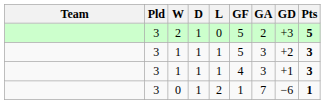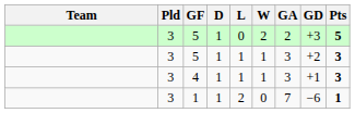 <table class="wikitable" style="text-align:center;">
 <tr>
 <th width=180>Team</th>
 <th width=20>Pld</th>
-<th width=20>W</th>
+<th width=20>GF</th>
 <th width=20>D</th>
 <th width=20>L</th>
-<th width=20>GF</th>
+<th width=20>W</th>
 <th width=20>GA</th>
 <th width=20>GD</th>
 <th width=20>Pts</th>
 </tr>
 <tr bgcolor="ccffcc">
 <td align="left"></td>
 <td>3</td>
-<td>2</td>
+<td>5</td>
 <td>1</td>
 <td>0</td>
-<td>5</td>
+<td>2</td>
 <td>2</td>
 <td>+3</td>
 <td><strong>5</strong></td>
 </tr>
 <tr>
 <td align="left"></td>
 <td>3</td>
+<td>5</td>
 <td>1</td>
 <td>1</td>
 <td>1</td>
-<td>5</td>
 <td>3</td>
 <td>+2</td>
 <td><strong>3</strong></td>
 </tr>
 <tr>
 <td align="left"></td>
 <td>3</td>
+<td>4</td>
 <td>1</td>
 <td>1</td>
 <td>1</td>
-<td>4</td>
 <td>3</td>
 <td>+1</td>
 <td><strong>3</strong></td>
 </tr>
 <tr>
 <td align="left"></td>
 <td>3</td>
-<td>0</td>
+<td>1</td>
 <td>1</td>
 <td>2</td>
-<td>1</td>
+<td>0</td>
 <td>7</td>
 <td>−6</td>
 <td><strong>1</strong></td>
 </tr>
 </table>
